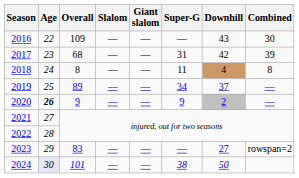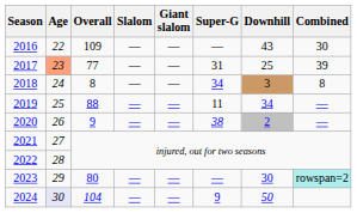 <table class=wikitable style="text-align:center">
 <tr>
 <th>Season</th>
 <th>Age</th>
 <th>Overall</th>
 <th>Slalom</th>
 <th>Giant<br>slalom</th>
 <th>Super-G</th>
 <th>Downhill</th>
 <th>Combined</th>
 </tr>
 <tr>
 <td><a href='#'>2016</a></td>
 <td><em>22</em></td>
 <td>109</td>
 <td>—</td>
 <td>—</td>
 <td>—</td>
 <td>43</td>
 <td>30</td>
 </tr>
 <tr>
 <td><a href='#'>2017</a></td>
-<td><em>23</em></td>
-<td>68</td>
+<td style="background: lightsalmon;"><em>23</em></td>
+<td>77</td>
 <td>—</td>
 <td>—</td>
 <td>31</td>
-<td>42</td>
+<td>25</td>
 <td>39</td>
 </tr>
 <tr>
 <td><a href='#'>2018</a></td>
 <td><em>24</em></td>
 <td>8</td>
 <td>—</td>
 <td>—</td>
-<td>11</td>
-<td bgcolor="cc9966">4</td>
+<td><a href='#'>34</a></td>
+<td bgcolor="cc9966">3</td>
 <td>8</td>
 </tr>
 <tr>
 <td><a href='#'>2019</a></td>
 <td><em>25</em></td>
-<td><a href='#'>89</a></td>
+<td><a href='#'>88</a></td>
 <td><a href='#'>—</a></td>
 <td><a href='#'>—</a></td>
+<td>11</td>
 <td><a href='#'>34</a></td>
-<td><a href='#'>37</a></td>
 <td><a href='#'>—</a></td>
 </tr>
 <tr>
 <td><a href='#'>2020</a></td>
-<td><strong><em>26</em></strong></td>
+<td><em>26</em></td>
 <td><a href='#'>9</a></td>
 <td><a href='#'>—</a></td>
 <td><a href='#'>—</a></td>
-<td><a href='#'>9</a></td>
+<td><a href='#'><em>38</em></a></td>
 <td bgcolor="silver"><a href='#'>2</a></td>
 <td><a href='#'>—</a></td>
 </tr>
 <tr>
 <td><a href='#'>2021</a></td>
 <td><em>27</em></td>
 <td rowspan=2 colspan=6><em><small>injured, out for two seasons</small></em></td>
 </tr>
 <tr>
 <td><a href='#'>2022</a></td>
 <td><em>28</em></td>
 </tr>
 <tr>
 <td><a href='#'>2023</a></td>
 <td><em>29</em></td>
-<td><a href='#'>83</a></td>
+<td><a href='#'>80</a></td>
 <td><a href='#'>—</a></td>
 <td><a href='#'>—</a></td>
 <td><a href='#'>—</a></td>
-<td><a href='#'>27</a></td>
-<td>rowspan=2</td>
+<td><a href='#'>30</a></td>
+<td style="background: paleturquoise;">rowspan=2</td>
 </tr>
 <tr>
 <td><a href='#'>2024</a></td>
 <td style="background: lavender;"><em>30</em></td>
-<td><a href='#'><em>101</em></a></td>
+<td><a href='#'><em>104</em></a></td>
 <td><a href='#'>—</a></td>
 <td><a href='#'>—</a></td>
-<td><a href='#'><em>38</em></a></td>
+<td><a href='#'>9</a></td>
 <td><a href='#'><em>50</em></a></td>
 </tr>
 </table>
